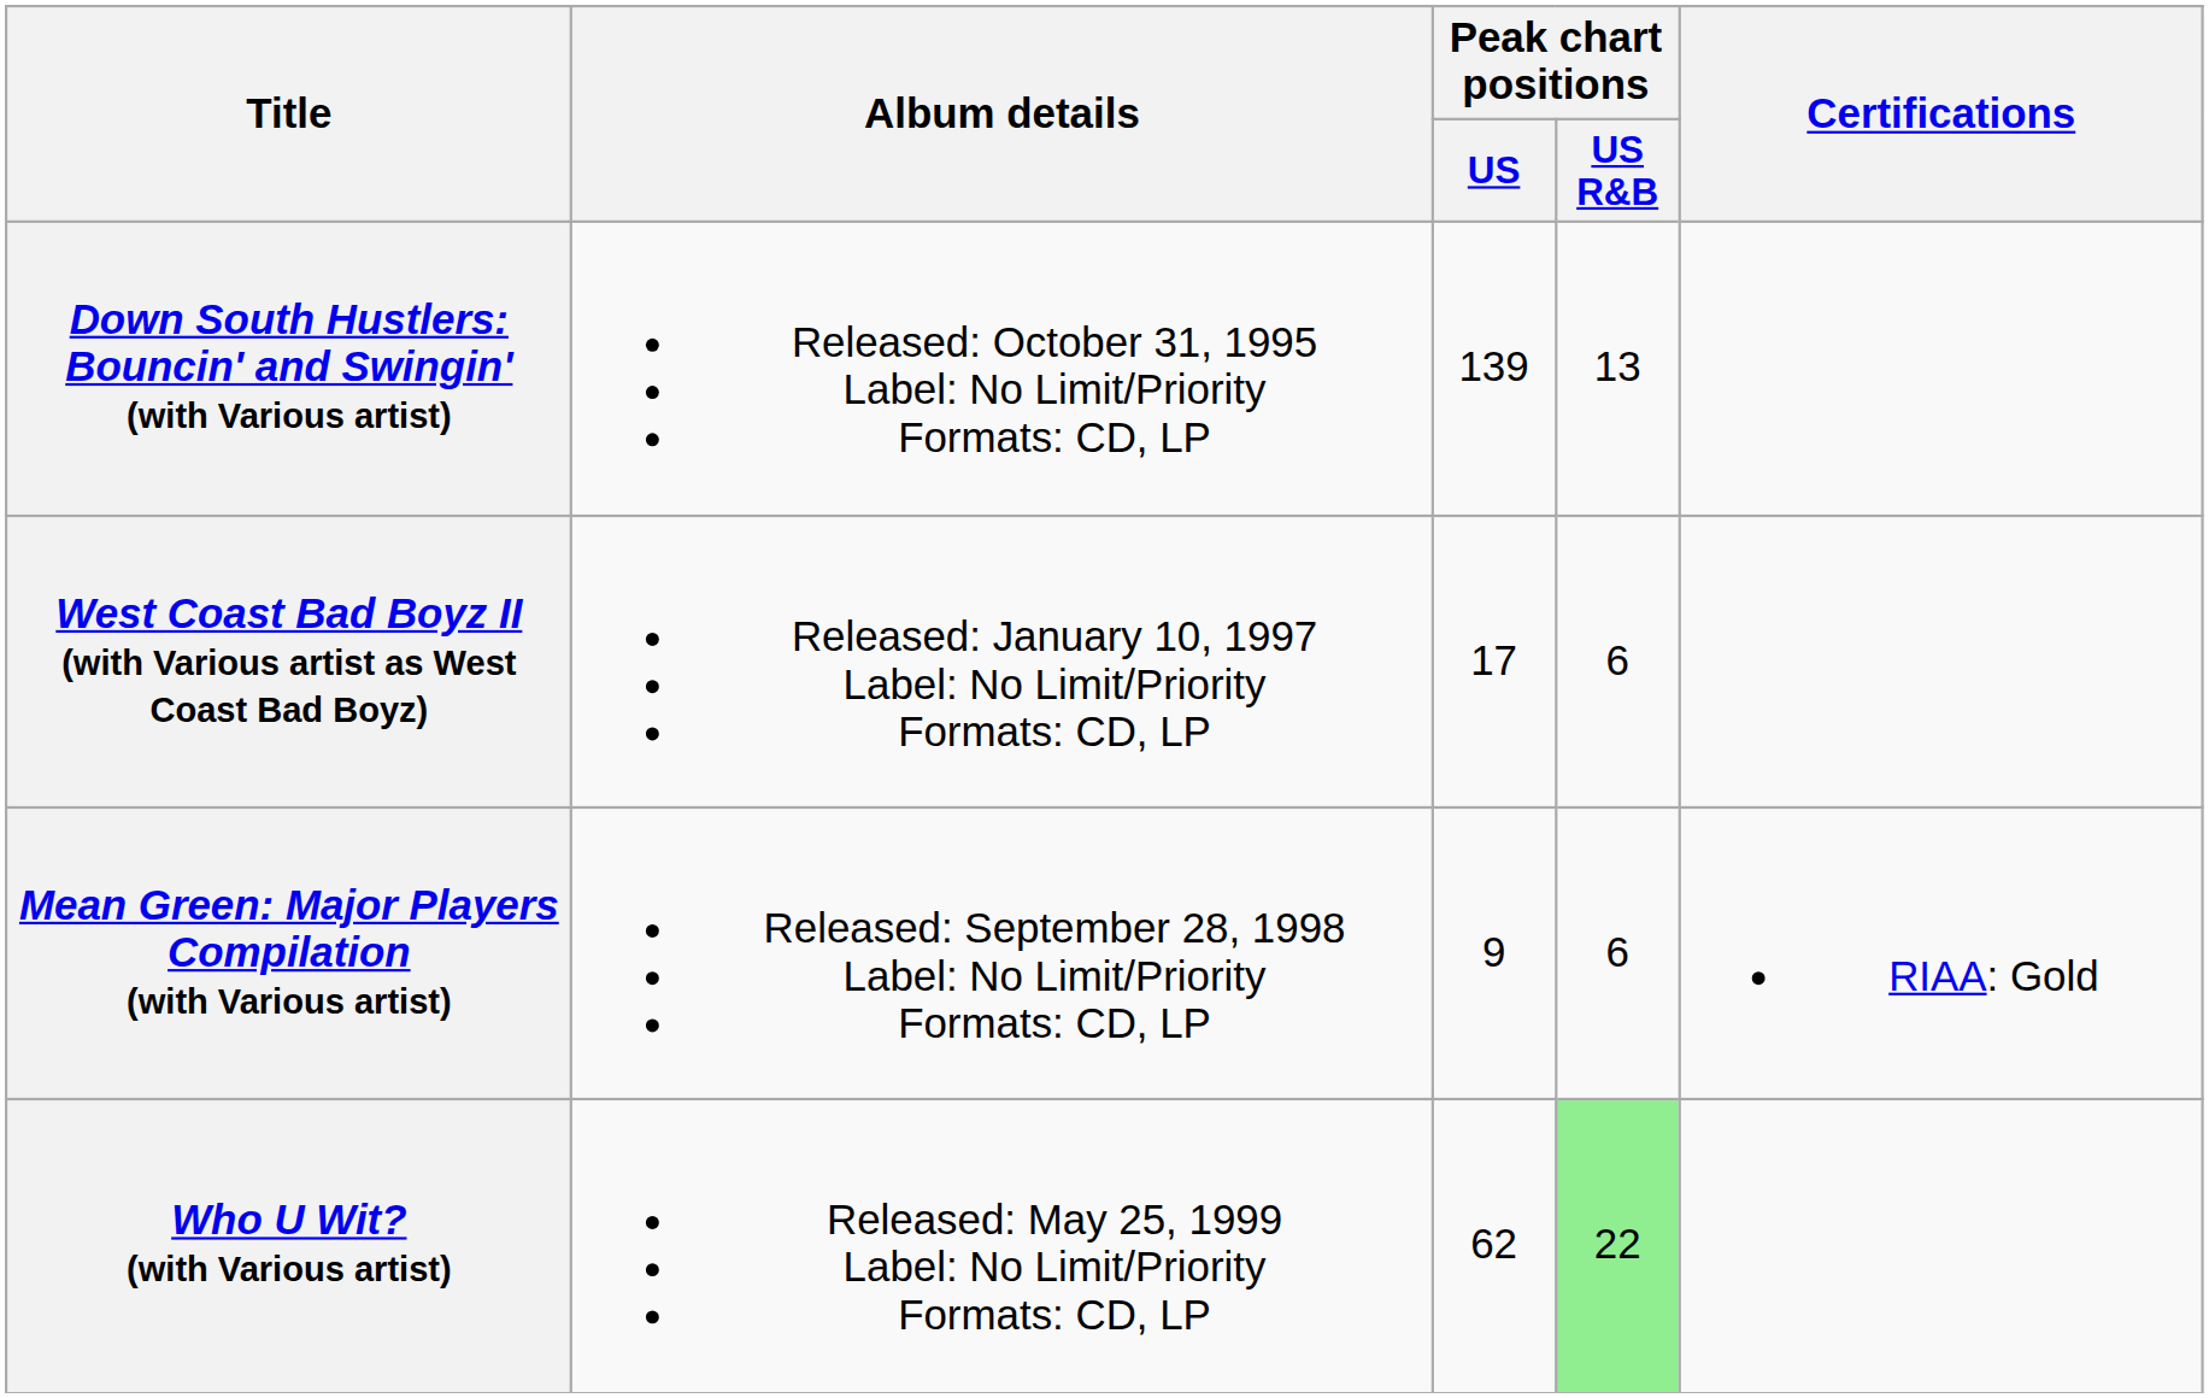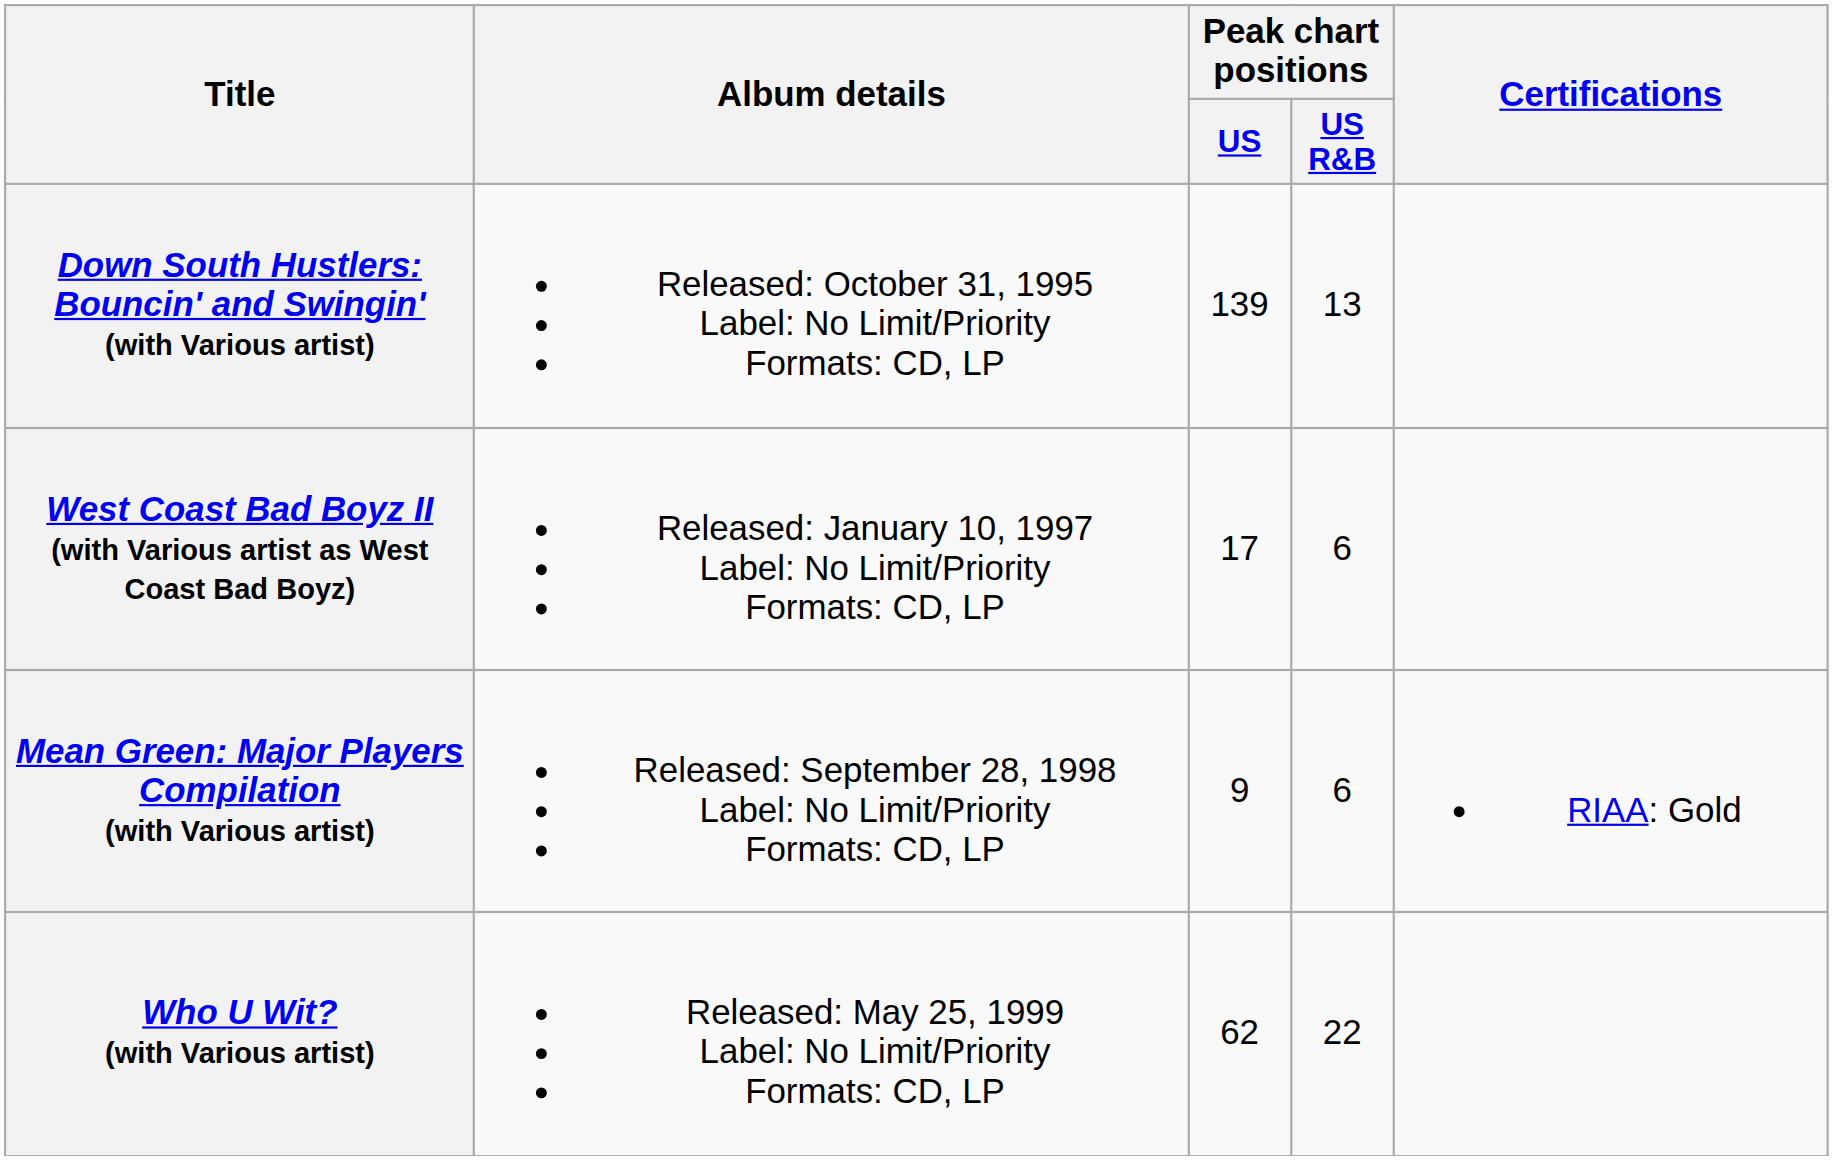 <table class="wikitable plainrowheaders" style="text-align:center;">
 <tr>
 <th scope="col" rowspan="2" style="width:13em;">Title</th>
 <th scope="col" rowspan="2" style="width:20em;">Album details</th>
 <th scope="col" colspan="2">Peak chart positions</th>
 <th scope="col" rowspan="2" style="width:12em;"><a href='#'>Certifications</a></th>
 </tr>
 <tr>
 <th scope="col" style="width:2.8em;font-size:90%;"><a href='#'>US</a><br></th>
 <th scope="col" style="width:2.8em;font-size:90%;"><a href='#'>US<br>R&B</a></th>
 </tr>
 <tr>
 <th scope="row"><em><a href='#'>Down South Hustlers: Bouncin' and Swingin'</a></em><br><small>(with Various artist)</small></th>
 <td><br><ul><li>Released: October 31, 1995</li><li>Label: No Limit/Priority</li><li>Formats: CD, LP</li></ul></td>
 <td>139</td>
 <td>13</td>
 <td></td>
 </tr>
 <tr>
 <th scope="row"><em><a href='#'>West Coast Bad Boyz II</a></em><br><small>(with Various artist as West Coast Bad Boyz)</small></th>
 <td><br><ul><li>Released: January 10, 1997</li><li>Label: No Limit/Priority</li><li>Formats: CD, LP</li></ul></td>
 <td>17</td>
 <td>6</td>
 <td></td>
 </tr>
 <tr>
 <th scope="row"><em><a href='#'>Mean Green: Major Players Compilation</a></em><br><small>(with Various artist)</small></th>
 <td><br><ul><li>Released: September 28, 1998</li><li>Label: No Limit/Priority</li><li>Formats: CD, LP</li></ul></td>
 <td>9</td>
 <td>6</td>
 <td><br><ul><li><a href='#'>RIAA</a>: Gold</li></ul></td>
 </tr>
 <tr>
 <th scope="row"><em><a href='#'>Who U Wit?</a></em><br><small>(with Various artist)</small></th>
 <td><br><ul><li>Released: May 25, 1999</li><li>Label: No Limit/Priority</li><li>Formats: CD, LP</li></ul></td>
 <td>62</td>
-<td style="background: lightgreen;">22</td>
+<td>22</td>
 <td></td>
 </tr>
 </table>
